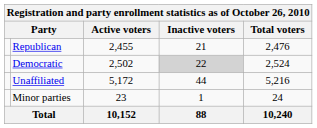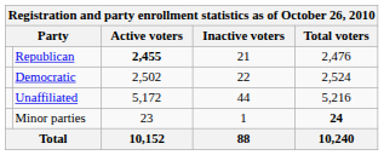 <table class=wikitable>
 <tr>
 <th colspan = 6>Registration and party enrollment statistics as of October 26, 2010</th>
 </tr>
 <tr>
 <th colspan = 2>Party</th>
 <th>Active voters</th>
 <th>Inactive voters</th>
 <th>Total voters</th>
 </tr>
 <tr>
 <td></td>
 <td><a href='#'>Republican</a></td>
-<td style="text-align:center;">2,455</td>
+<td style="text-align:center;"><strong>2,455</strong></td>
 <td style="text-align:center;">21</td>
 <td style="text-align:center;">2,476</td>
 </tr>
 <tr>
 <td></td>
 <td><a href='#'>Democratic</a></td>
 <td style="text-align:center;">2,502</td>
-<td style="background: lightgrey; text-align:center;">22</td>
+<td style="text-align:center;">22</td>
 <td style="text-align:center;">2,524</td>
 </tr>
 <tr>
 <td></td>
 <td><a href='#'>Unaffiliated</a></td>
 <td style="text-align:center;">5,172</td>
 <td style="text-align:center;">44</td>
 <td style="text-align:center;">5,216</td>
 </tr>
 <tr>
 <td></td>
 <td>Minor parties</td>
 <td style="text-align:center;">23</td>
 <td style="text-align:center;">1</td>
-<td style="text-align:center;">24</td>
+<td style="text-align:center;"><strong>24</strong></td>
 </tr>
 <tr>
 <th colspan = 2>Total</th>
 <th style="text-align:center;">10,152</th>
 <th style="text-align:center;">88</th>
 <th style="text-align:center;">10,240</th>
 </tr>
 </table>
